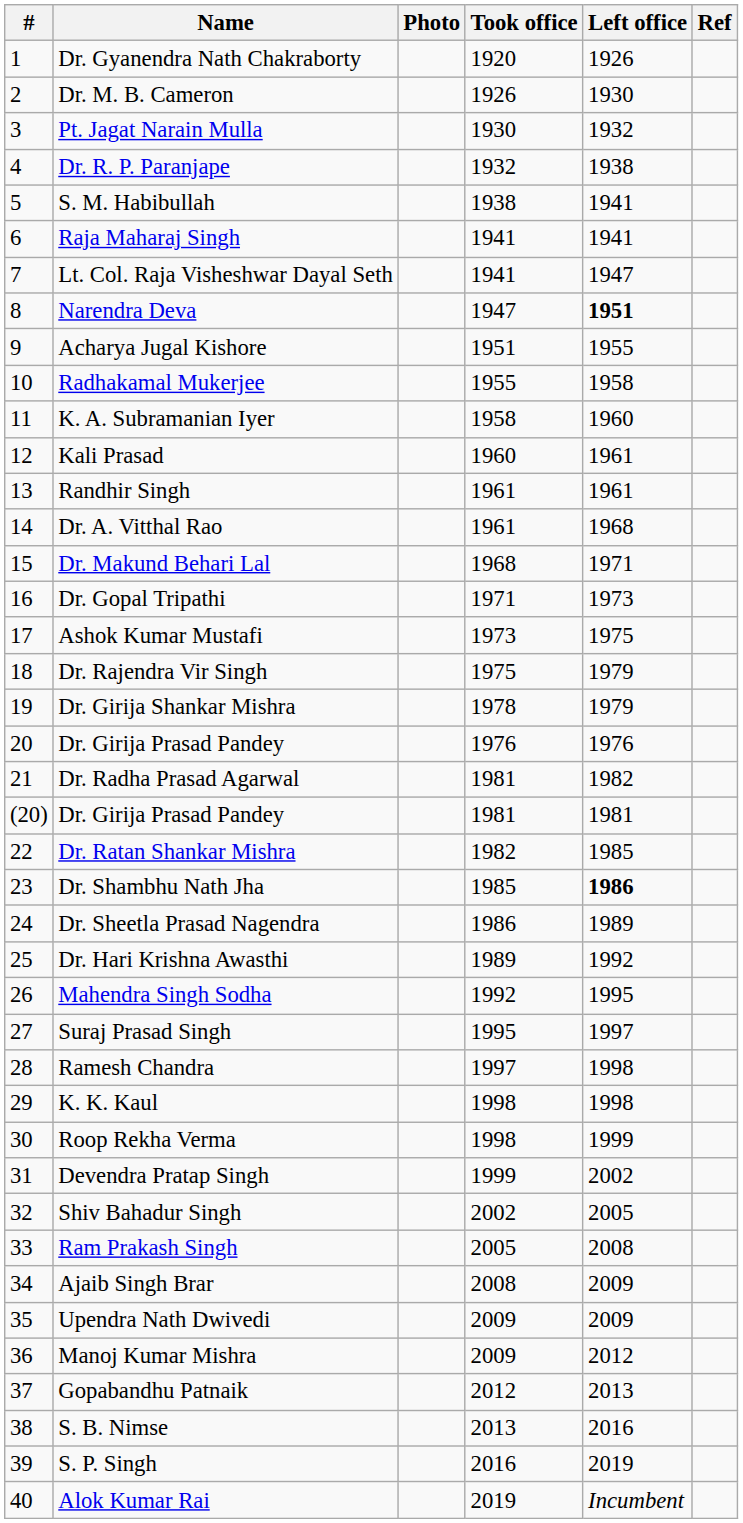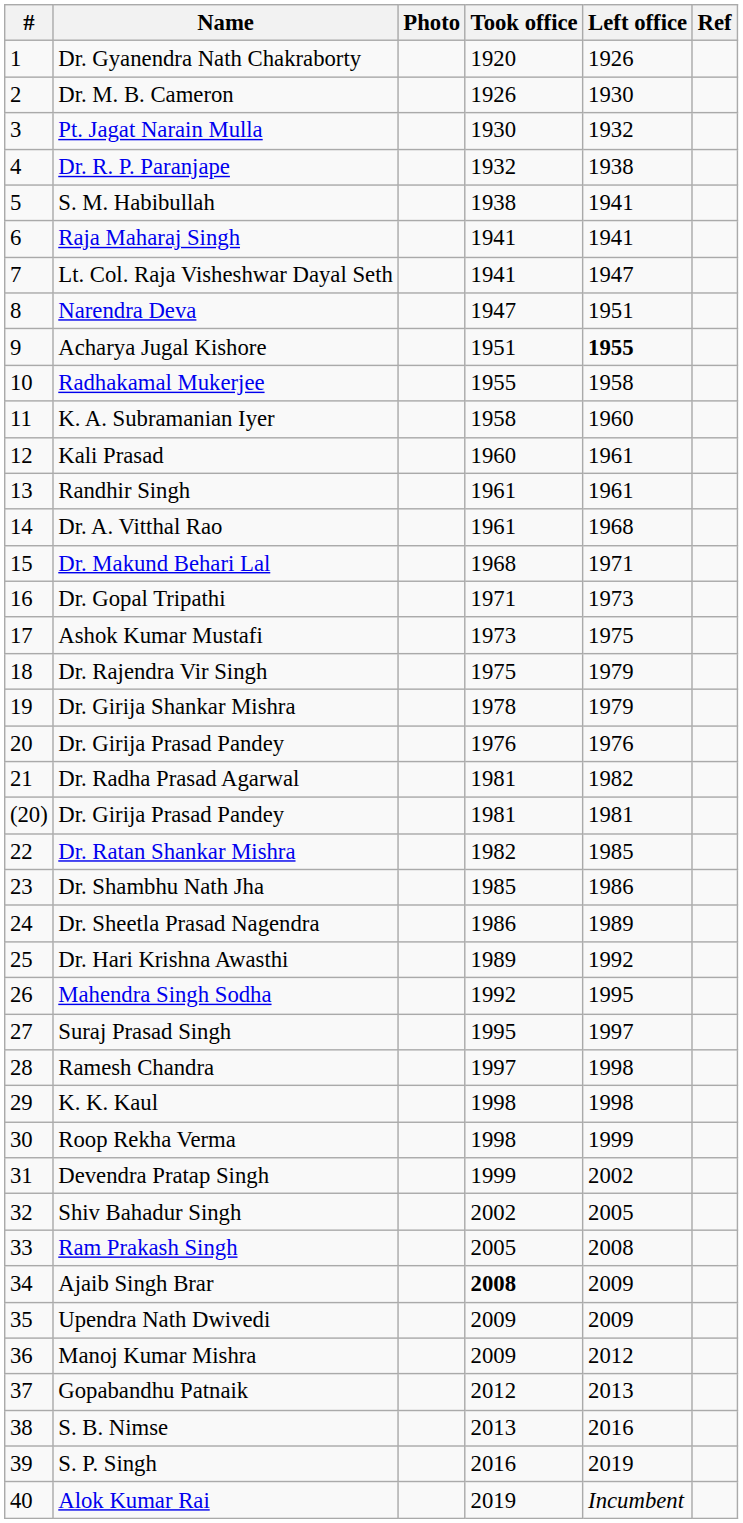 <table class="wikitable">
 <tr>
 <th>#</th>
 <th>Name</th>
 <th>Photo</th>
 <th>Took office</th>
 <th>Left office</th>
 <th>Ref</th>
 </tr>
 <tr>
 <td>1</td>
 <td>Dr. Gyanendra Nath Chakraborty</td>
 <td></td>
 <td>1920</td>
 <td>1926</td>
 <td></td>
 </tr>
 <tr>
 <td>2</td>
 <td>Dr. M. B. Cameron</td>
 <td></td>
 <td>1926</td>
 <td>1930</td>
 <td></td>
 </tr>
 <tr>
 <td>3</td>
 <td><a href='#'>Pt. Jagat Narain Mulla</a></td>
 <td></td>
 <td>1930</td>
 <td>1932</td>
 <td></td>
 </tr>
 <tr>
 <td>4</td>
 <td><a href='#'>Dr. R. P. Paranjape</a></td>
 <td></td>
 <td>1932</td>
 <td>1938</td>
 <td></td>
 </tr>
 <tr>
 <td>5</td>
 <td>S. M. Habibullah</td>
 <td></td>
 <td>1938</td>
 <td>1941</td>
 <td></td>
 </tr>
 <tr>
 <td>6</td>
 <td><a href='#'>Raja Maharaj Singh</a></td>
 <td></td>
 <td>1941</td>
 <td>1941</td>
 <td></td>
 </tr>
 <tr>
 <td>7</td>
 <td>Lt. Col. Raja Visheshwar Dayal Seth</td>
 <td></td>
 <td>1941</td>
 <td>1947</td>
 <td></td>
 </tr>
 <tr>
 <td>8</td>
 <td><a href='#'>Narendra Deva</a></td>
 <td></td>
 <td>1947</td>
-<td><strong>1951</strong></td>
+<td>1951</td>
 <td></td>
 </tr>
 <tr>
 <td>9</td>
 <td>Acharya Jugal Kishore</td>
 <td></td>
 <td>1951</td>
-<td>1955</td>
+<td><strong>1955</strong></td>
 <td></td>
 </tr>
 <tr>
 <td>10</td>
 <td><a href='#'>Radhakamal Mukerjee</a></td>
 <td></td>
 <td>1955</td>
 <td>1958</td>
 <td></td>
 </tr>
 <tr>
 <td>11</td>
 <td>K. A. Subramanian Iyer</td>
 <td></td>
 <td>1958</td>
 <td>1960</td>
 <td></td>
 </tr>
 <tr>
 <td>12</td>
 <td>Kali Prasad</td>
 <td></td>
 <td>1960</td>
 <td>1961</td>
 <td></td>
 </tr>
 <tr>
 <td>13</td>
 <td>Randhir Singh</td>
 <td></td>
 <td>1961</td>
 <td>1961</td>
 <td></td>
 </tr>
 <tr>
 <td>14</td>
 <td>Dr. A. Vitthal Rao</td>
 <td></td>
 <td>1961</td>
 <td>1968</td>
 <td></td>
 </tr>
 <tr>
 <td>15</td>
 <td><a href='#'>Dr. Makund Behari Lal</a></td>
 <td></td>
 <td>1968</td>
 <td>1971</td>
 <td></td>
 </tr>
 <tr>
 <td>16</td>
 <td>Dr. Gopal Tripathi</td>
 <td></td>
 <td>1971</td>
 <td>1973</td>
 <td></td>
 </tr>
 <tr>
 <td>17</td>
 <td>Ashok Kumar Mustafi</td>
 <td></td>
 <td>1973</td>
 <td>1975</td>
 <td></td>
 </tr>
 <tr>
 <td>18</td>
 <td>Dr. Rajendra Vir Singh</td>
 <td></td>
 <td>1975</td>
 <td>1979</td>
 <td></td>
 </tr>
 <tr>
 <td>19</td>
 <td>Dr. Girija Shankar Mishra</td>
 <td></td>
 <td>1978</td>
 <td>1979</td>
 <td></td>
 </tr>
 <tr>
 <td>20</td>
 <td>Dr. Girija Prasad Pandey</td>
 <td></td>
 <td>1976</td>
 <td>1976</td>
 <td></td>
 </tr>
 <tr>
 <td>21</td>
 <td>Dr. Radha Prasad Agarwal</td>
 <td></td>
 <td>1981</td>
 <td>1982</td>
 <td></td>
 </tr>
 <tr>
 <td>(20)</td>
 <td>Dr. Girija Prasad Pandey</td>
 <td></td>
 <td>1981</td>
 <td>1981</td>
 <td></td>
 </tr>
 <tr>
 <td>22</td>
 <td><a href='#'>Dr. Ratan Shankar Mishra</a></td>
 <td></td>
 <td>1982</td>
 <td>1985</td>
 <td></td>
 </tr>
 <tr>
 <td>23</td>
 <td>Dr. Shambhu Nath Jha</td>
 <td></td>
 <td>1985</td>
-<td><strong>1986</strong></td>
+<td>1986</td>
 <td></td>
 </tr>
 <tr>
 <td>24</td>
 <td>Dr. Sheetla Prasad Nagendra</td>
 <td></td>
 <td>1986</td>
 <td>1989</td>
 <td></td>
 </tr>
 <tr>
 <td>25</td>
 <td>Dr. Hari Krishna Awasthi</td>
 <td></td>
 <td>1989</td>
 <td>1992</td>
 <td></td>
 </tr>
 <tr>
 <td>26</td>
 <td><a href='#'>Mahendra Singh Sodha</a></td>
 <td></td>
 <td>1992</td>
 <td>1995</td>
 <td></td>
 </tr>
 <tr>
 <td>27</td>
 <td>Suraj Prasad Singh</td>
 <td></td>
 <td>1995</td>
 <td>1997</td>
 <td></td>
 </tr>
 <tr>
 <td>28</td>
 <td>Ramesh Chandra</td>
 <td></td>
 <td>1997</td>
 <td>1998</td>
 <td></td>
 </tr>
 <tr>
 <td>29</td>
 <td>K. K. Kaul</td>
 <td></td>
 <td>1998</td>
 <td>1998</td>
 <td></td>
 </tr>
 <tr>
 <td>30</td>
 <td>Roop Rekha Verma</td>
 <td></td>
 <td>1998</td>
 <td>1999</td>
 <td></td>
 </tr>
 <tr>
 <td>31</td>
 <td>Devendra Pratap Singh</td>
 <td></td>
 <td>1999</td>
 <td>2002</td>
 <td></td>
 </tr>
 <tr>
 <td>32</td>
 <td>Shiv Bahadur Singh</td>
 <td></td>
 <td>2002</td>
 <td>2005</td>
 <td></td>
 </tr>
 <tr>
 <td>33</td>
 <td><a href='#'>Ram Prakash Singh</a></td>
 <td></td>
 <td>2005</td>
 <td>2008</td>
 <td></td>
 </tr>
 <tr>
 <td>34</td>
 <td>Ajaib Singh Brar</td>
 <td></td>
-<td>2008</td>
+<td><strong>2008</strong></td>
 <td>2009</td>
 <td></td>
 </tr>
 <tr>
 <td>35</td>
 <td>Upendra Nath Dwivedi</td>
 <td></td>
 <td>2009</td>
 <td>2009</td>
 <td></td>
 </tr>
 <tr>
 <td>36</td>
 <td>Manoj Kumar Mishra</td>
 <td></td>
 <td>2009</td>
 <td>2012</td>
 <td></td>
 </tr>
 <tr>
 <td>37</td>
 <td>Gopabandhu Patnaik</td>
 <td></td>
 <td>2012</td>
 <td>2013</td>
 <td></td>
 </tr>
 <tr>
 <td>38</td>
 <td>S. B. Nimse</td>
 <td></td>
 <td>2013</td>
 <td>2016</td>
 <td></td>
 </tr>
 <tr>
 <td>39</td>
 <td>S. P. Singh</td>
 <td></td>
 <td>2016</td>
 <td>2019</td>
 <td></td>
 </tr>
 <tr>
 <td>40</td>
 <td><a href='#'>Alok Kumar Rai</a></td>
 <td></td>
 <td>2019</td>
 <td><em>Incumbent</em></td>
 <td></td>
 </tr>
 </table>
